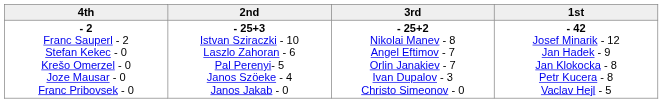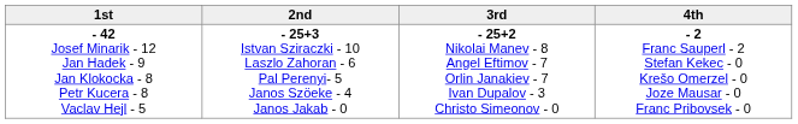 <table border=1 cellpadding=2 cellspacing=0 width=75% style="border-collapse:collapse">
 <tr align=center style="background:#efefef;">
-<th width=20%>4th</th>
+<th width=20% >1st</th>
 <th width=20% >2nd</th>
 <th width=20% >3rd</th>
-<th width=20% >1st</th>
+<th width=20%>4th</th>
 </tr>
 <tr align=center>
-<td valign=top><strong> - 2</strong><br><a href='#'>Franc Sauperl</a> - 2<br><a href='#'>Stefan Kekec</a> - 0<br><a href='#'>Krešo Omerzel</a> - 0<br><a href='#'>Joze Mausar</a>  - 0<br><a href='#'>Franc Pribovsek</a> - 0</td>
+<td valign=top ><strong> - 42</strong><br><a href='#'>Josef Minarik</a> - 12<br><a href='#'>Jan Hadek</a> - 9<br><a href='#'>Jan Klokocka</a> - 8<br><a href='#'>Petr Kucera</a> - 8<br><a href='#'>Vaclav Hejl</a> - 5</td>
 <td valign=top ><strong> - 25+3</strong><br><a href='#'>Istvan Sziraczki</a> - 10<br><a href='#'>Laszlo Zahoran</a> - 6<br><a href='#'>Pal Perenyi</a>- 5<br><a href='#'>Janos Szöeke</a> - 4<br><a href='#'>Janos Jakab</a> - 0</td>
 <td valign=top ><strong> - 25+2</strong><br><a href='#'>Nikolai Manev</a> - 8<br><a href='#'>Angel Eftimov</a> - 7<br><a href='#'>Orlin Janakiev</a> - 7<br><a href='#'>Ivan Dupalov</a> - 3<br><a href='#'>Christo Simeonov</a> - 0</td>
-<td valign=top ><strong> - 42</strong><br><a href='#'>Josef Minarik</a> - 12<br><a href='#'>Jan Hadek</a> - 9<br><a href='#'>Jan Klokocka</a> - 8<br><a href='#'>Petr Kucera</a> - 8<br><a href='#'>Vaclav Hejl</a> - 5</td>
+<td valign=top><strong> - 2</strong><br><a href='#'>Franc Sauperl</a> - 2<br><a href='#'>Stefan Kekec</a> - 0<br><a href='#'>Krešo Omerzel</a> - 0<br><a href='#'>Joze Mausar</a>  - 0<br><a href='#'>Franc Pribovsek</a> - 0</td>
 </tr>
 </table>
